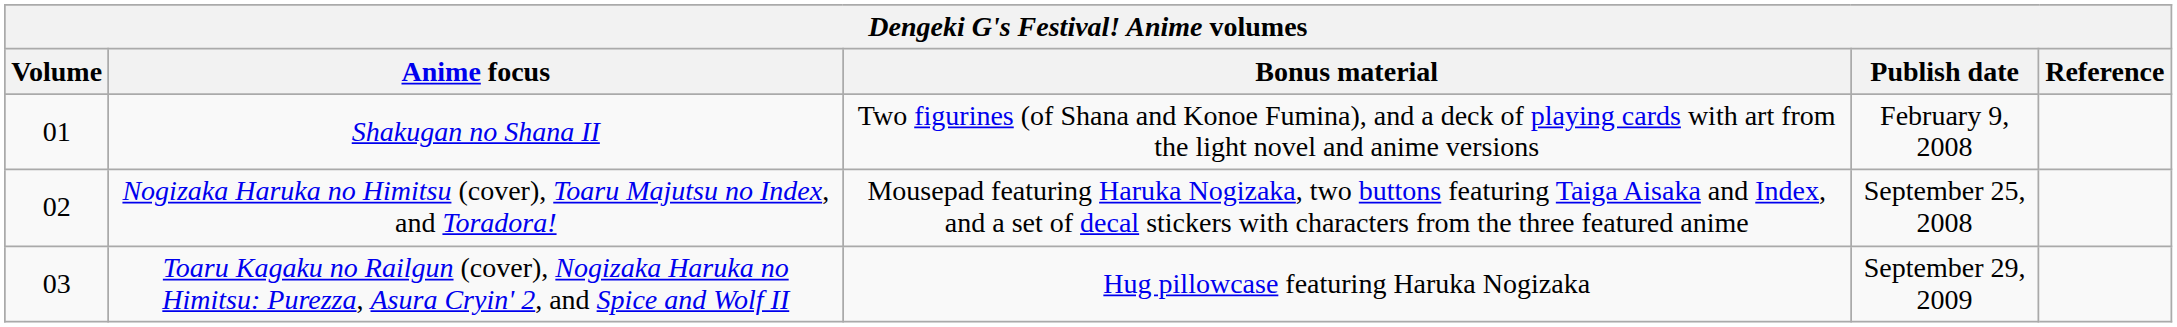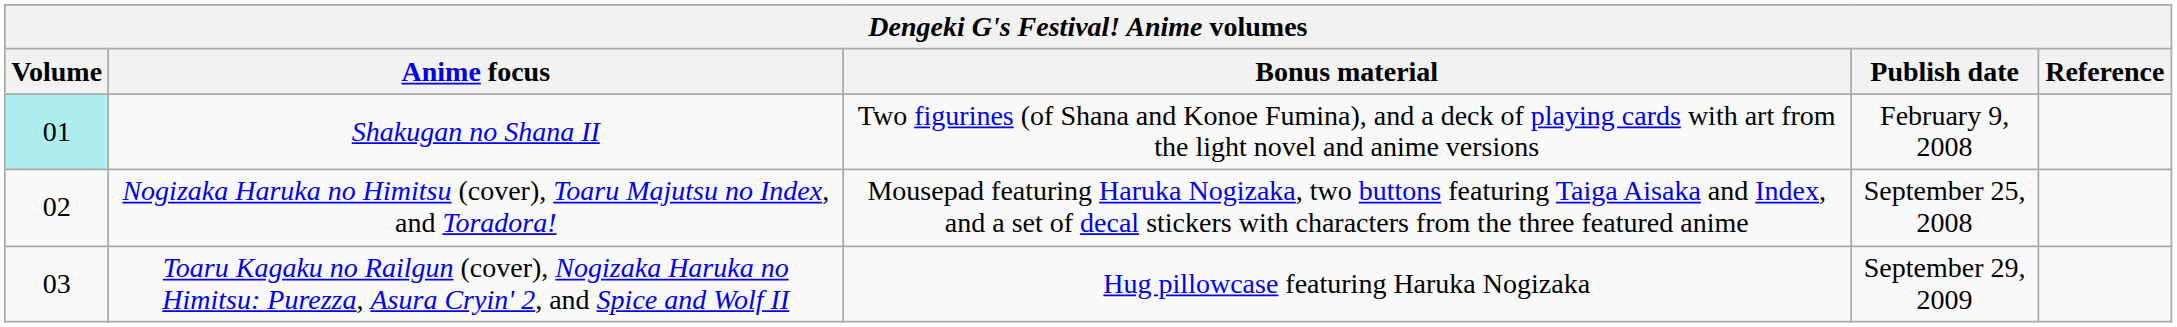 <table class="wikitable" style="width: 98%; text-align: center;">
 <tr>
 <th ! colspan="5"><em>Dengeki G's Festival! Anime</em> volumes</th>
 </tr>
 <tr>
 <th>Volume</th>
 <th><a href='#'>Anime</a> focus</th>
 <th>Bonus material</th>
 <th>Publish date</th>
 <th>Reference</th>
 </tr>
 <tr>
-<td>01</td>
+<td style="background: paleturquoise;">01</td>
 <td><em><a href='#'>Shakugan no Shana II</a></em></td>
 <td>Two <a href='#'>figurines</a> (of Shana and Konoe Fumina), and a deck of <a href='#'>playing cards</a> with art from the light novel and anime versions</td>
 <td>February 9, 2008</td>
 <td></td>
 </tr>
 <tr>
 <td>02</td>
 <td><em><a href='#'>Nogizaka Haruka no Himitsu</a></em> (cover), <em><a href='#'>Toaru Majutsu no Index</a></em>, and <em><a href='#'>Toradora!</a></em></td>
 <td>Mousepad featuring <a href='#'>Haruka Nogizaka</a>, two <a href='#'>buttons</a> featuring <a href='#'>Taiga Aisaka</a> and <a href='#'>Index</a>, and a set of <a href='#'>decal</a> stickers with characters from the three featured anime</td>
 <td>September 25, 2008</td>
 <td></td>
 </tr>
 <tr>
 <td>03</td>
 <td><em><a href='#'>Toaru Kagaku no Railgun</a></em> (cover), <em><a href='#'>Nogizaka Haruka no Himitsu: Purezza</a></em>, <em><a href='#'>Asura Cryin' 2</a></em>, and <em><a href='#'>Spice and Wolf II</a></em></td>
 <td><a href='#'>Hug pillowcase</a> featuring Haruka Nogizaka</td>
 <td>September 29, 2009</td>
 <td></td>
 </tr>
 </table>
